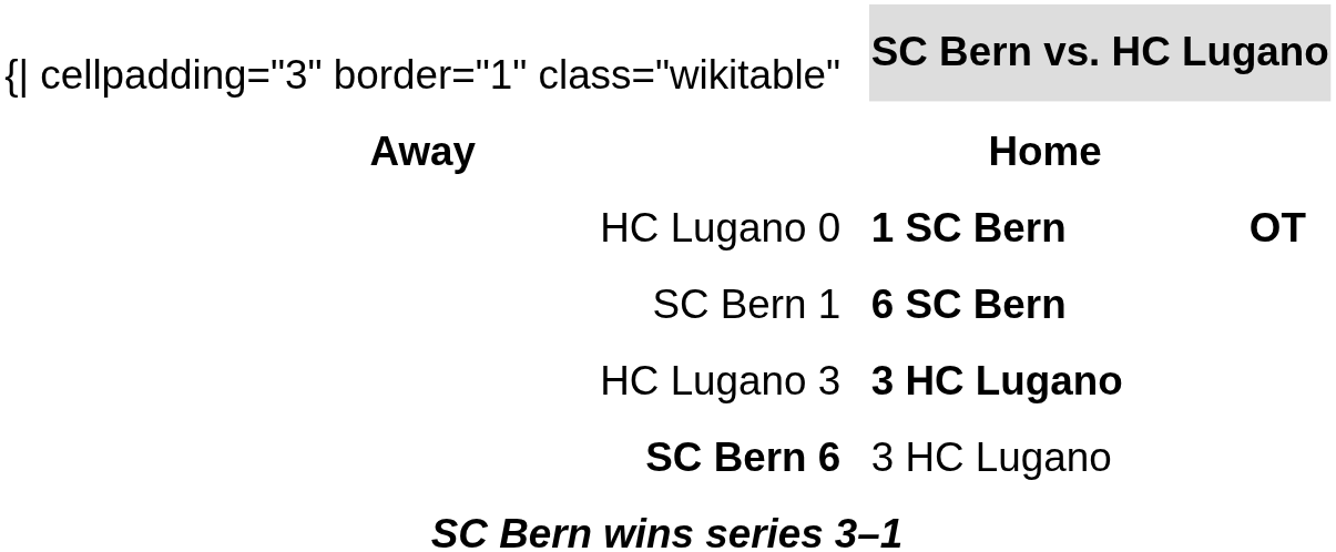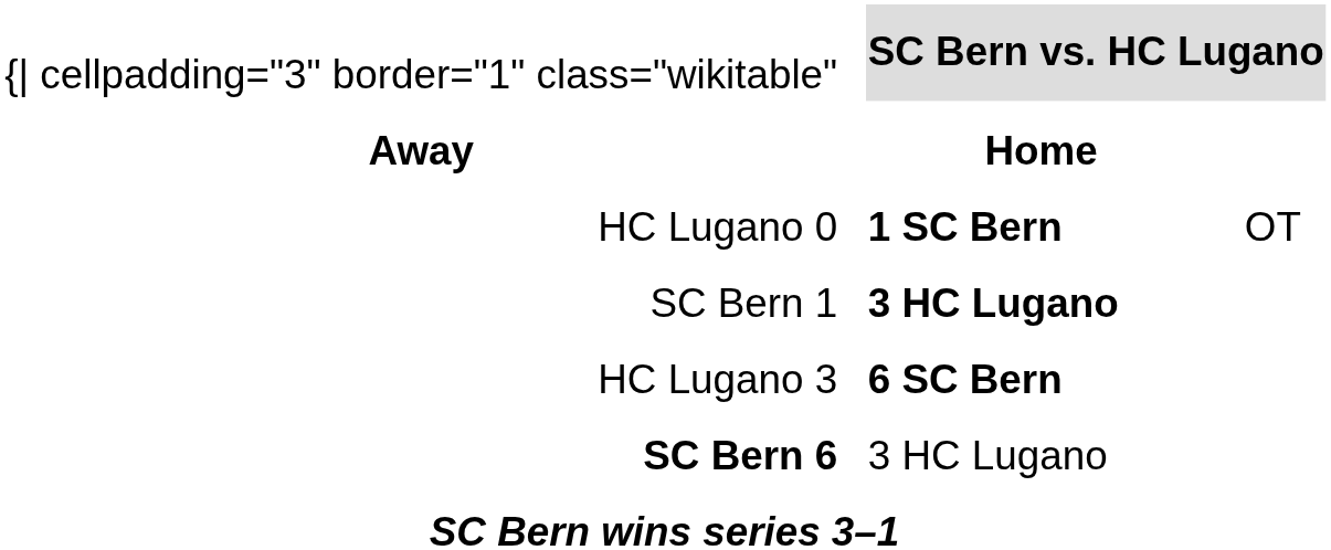 <table cellspacing="10">
 <tr>
 <td valign="top"><br>	{| cellpadding="3" border="1"  class="wikitable"</td>
 <th bgcolor="#DDDDDD" colspan="4">SC Bern vs. HC Lugano</th>
 </tr>
 <tr>
 <th>Away</th>
 <th>Home</th>
 </tr>
 <tr>
 <td align = "right">HC Lugano 0</td>
 <td><strong>1 SC Bern</strong></td>
-<td><strong>OT</strong></td>
+<td>OT</td>
 </tr>
 <tr>
 <td align = "right">SC Bern 1</td>
-<td><strong>6 SC Bern</strong></td>
+<td><strong>3 HC Lugano</strong></td>
 <td> </td>
 </tr>
 <tr>
 <td align = "right">HC Lugano 3</td>
-<td><strong>3 HC Lugano</strong></td>
+<td><strong>6 SC Bern</strong></td>
 <td> </td>
 </tr>
 <tr>
 <td align = "right"><strong>SC Bern 6</strong></td>
 <td>3 HC Lugano</td>
 <td> </td>
 </tr>
 <tr align="center">
 <td colspan="4"><strong><em>SC Bern wins series 3–1</em></strong></td>
 </tr>
 </table>
